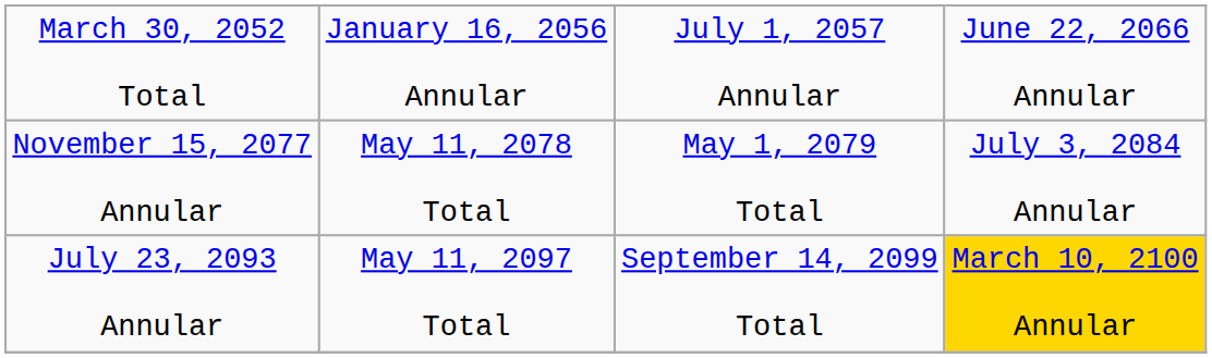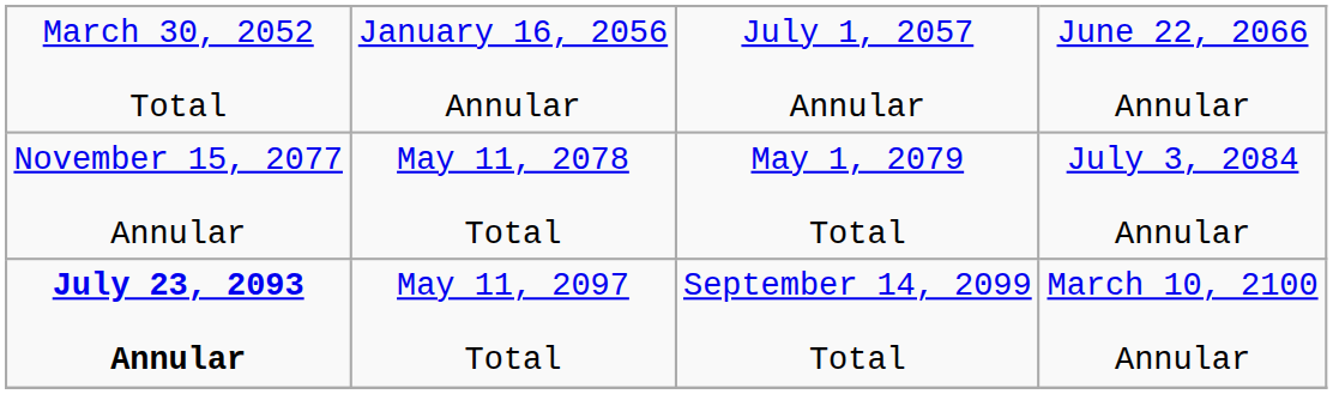 <table class="wikitable sortable">
 <tr align=center>
 <td><a href='#'>March 30, 2052</a><br><br>Total</td>
 <td><a href='#'>January 16, 2056</a><br><br>Annular</td>
 <td><a href='#'>July 1, 2057</a><br><br>Annular</td>
 <td><a href='#'>June 22, 2066</a><br><br>Annular</td>
 </tr>
 <tr align=center>
 <td><a href='#'>November 15, 2077</a><br><br>Annular</td>
 <td><a href='#'>May 11, 2078</a><br><br>Total</td>
 <td><a href='#'>May 1, 2079</a><br><br>Total</td>
 <td><a href='#'>July 3, 2084</a><br><br>Annular</td>
 </tr>
 <tr align=center>
-<td><a href='#'>July 23, 2093</a><br><br>Annular</td>
+<td><strong><a href='#'>July 23, 2093</a><br><br>Annular</strong></td>
 <td><a href='#'>May 11, 2097</a><br><br>Total</td>
 <td><a href='#'>September 14, 2099</a><br><br>Total</td>
-<td style="background: gold;"><a href='#'>March 10, 2100</a><br><br>Annular</td>
+<td><a href='#'>March 10, 2100</a><br><br>Annular</td>
 </tr>
 <tr align=center>
 </tr>
 </table>
